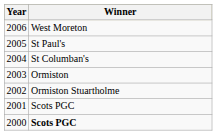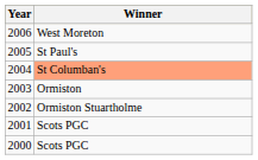 <table class="wikitable">
 <tr bgcolor=#bdb76b>
 <th style="width:2em;">Year</th>
 <th style="width:18em;">Winner</th>
 </tr>
 <tr>
 <td>2006</td>
 <td>West Moreton</td>
 </tr>
 <tr>
 <td>2005</td>
 <td>St Paul's</td>
 </tr>
 <tr>
 <td>2004</td>
-<td>St Columban's</td>
+<td style="background: lightsalmon;">St Columban's</td>
 </tr>
 <tr>
 <td>2003</td>
 <td>Ormiston</td>
 </tr>
 <tr>
 <td>2002</td>
 <td>Ormiston Stuartholme</td>
 </tr>
 <tr>
 <td>2001</td>
 <td>Scots PGC</td>
 </tr>
 <tr>
 <td>2000</td>
-<td><strong>Scots PGC</strong></td>
+<td>Scots PGC</td>
 </tr>
 </table>
